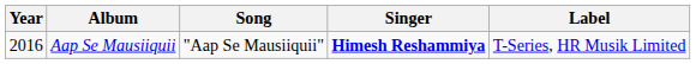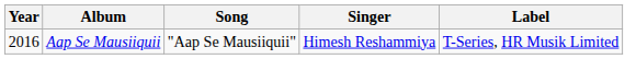 <table class="wikitable">
 <tr>
 <th scope="col">Year</th>
 <th scope="col">Album</th>
 <th scope="col">Song</th>
 <th scope="col">Singer</th>
 <th scope="col">Label</th>
 </tr>
 <tr>
 <td rowspan="3">2016</td>
 <td rowspan="3"><em><a href='#'>Aap Se Mausiiquii</a></em></td>
 <td>"Aap Se Mausiiquii"</td>
-<td><strong><a href='#'>Himesh Reshammiya</a></strong></td>
+<td><a href='#'>Himesh Reshammiya</a></td>
 <td><a href='#'>T-Series</a>, <a href='#'>HR Musik Limited</a></td>
 </tr>
 </table>
